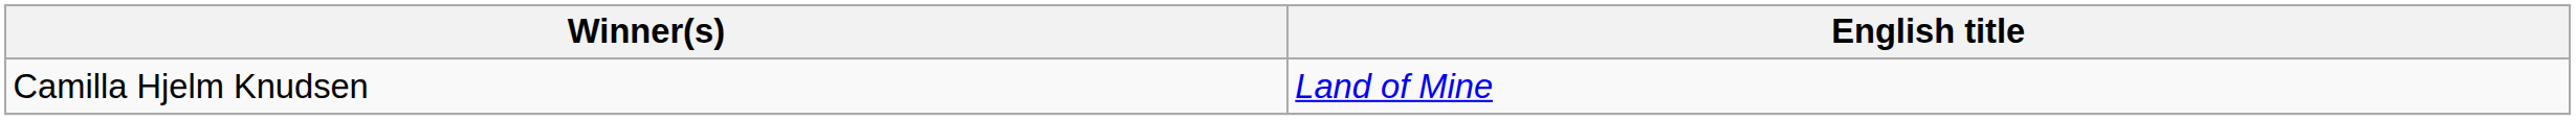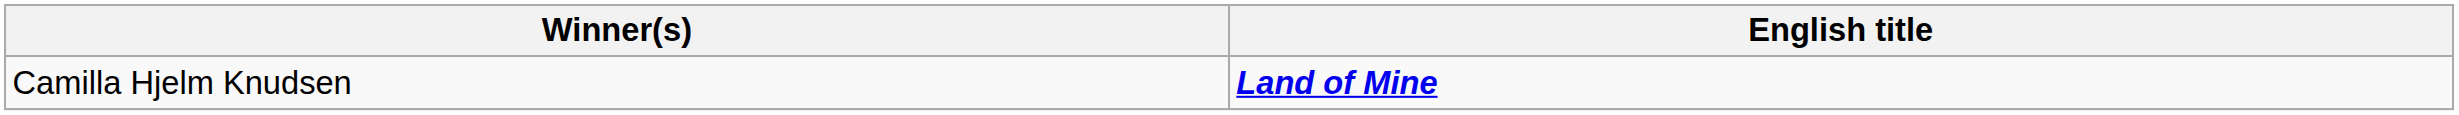 <table class="wikitable" width="95%" cellpadding="5">
 <tr>
 <th width="18%">Winner(s)</th>
 <th width="18%">English title</th>
 </tr>
 <tr>
 <td> Camilla Hjelm Knudsen</td>
-<td><em><a href='#'>Land of Mine</a></em></td>
+<td><strong><em><a href='#'>Land of Mine</a></em></strong></td>
 </tr>
 <tr>
 </tr>
 </table>
